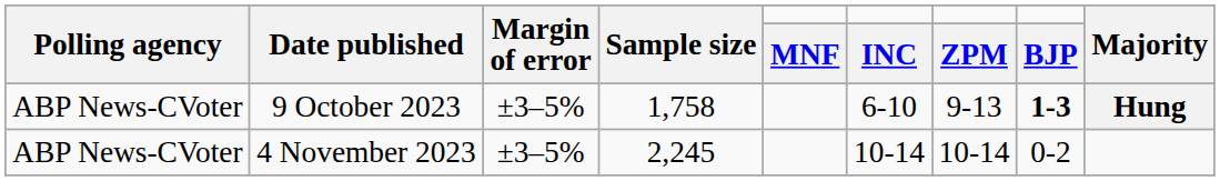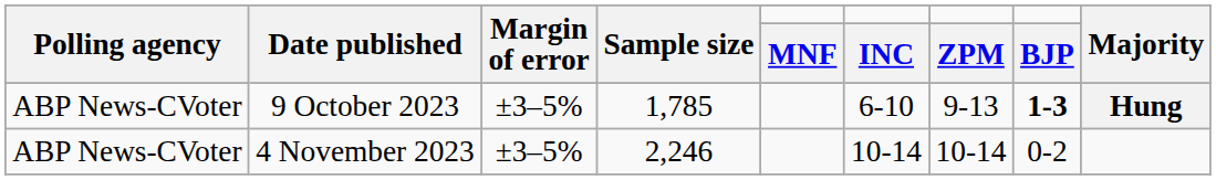 <table class="wikitable" style="text-align:center;font-size:95%;line-height:16px;">
 <tr>
 <th rowspan="2">Polling agency</th>
 <th rowspan="2">Date published</th>
 <th rowspan="2">Margin<br>of error</th>
 <th rowspan="2">Sample size</th>
 <td></td>
 <td></td>
 <td></td>
 <td></td>
 <th rowspan="2">Majority</th>
 </tr>
 <tr>
 <th><a href='#'>MNF</a></th>
 <th><a href='#'>INC</a></th>
 <th><a href='#'>ZPM</a></th>
 <th><a href='#'>BJP</a></th>
 </tr>
 <tr>
 <td>ABP News-CVoter</td>
 <td>9 October 2023</td>
 <td>±3–5%</td>
-<td>1,758</td>
+<td>1,785</td>
 <td style="background:"><strong></strong></td>
 <td>6-10</td>
 <td>9-13</td>
 <td><strong>1-3</strong></td>
 <th>Hung</th>
 </tr>
 <tr>
 <td>ABP News-CVoter</td>
 <td>4 November 2023</td>
 <td>±3–5%</td>
-<td>2,245</td>
+<td>2,246</td>
 <td style="background:"><strong></strong></td>
 <td>10-14</td>
 <td>10-14</td>
 <td>0-2</td>
 <td style="background:"><strong></strong></td>
 </tr>
 </table>
